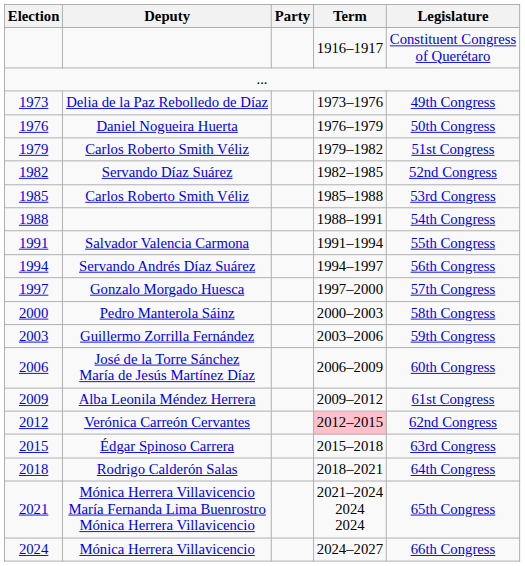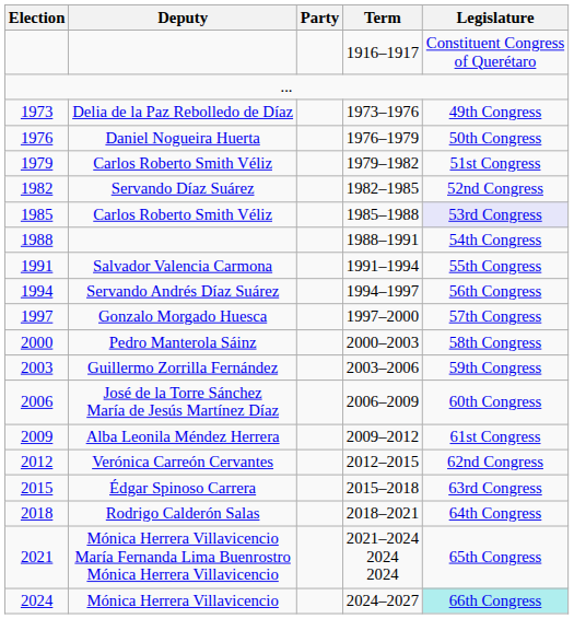 <table class="wikitable sortable" style="text-align: center">
 <tr>
 <th>Election</th>
 <th class="unsortable">Deputy</th>
 <th class="unsortable">Party</th>
 <th class="unsortable">Term</th>
 <th class="unsortable">Legislature</th>
 </tr>
 <tr>
 <td></td>
 <td></td>
 <td></td>
 <td>1916–1917</td>
 <td><a href='#'>Constituent Congress<br>of Querétaro</a></td>
 </tr>
 <tr>
 <td colspan=5> ...</td>
 </tr>
 <tr>
 <td><a href='#'>1973</a></td>
 <td><a href='#'>Delia de la Paz Rebolledo de Díaz</a></td>
 <td></td>
 <td>1973–1976</td>
 <td><a href='#'>49th Congress</a></td>
 </tr>
 <tr>
 <td><a href='#'>1976</a></td>
 <td><a href='#'>Daniel Nogueira Huerta</a></td>
 <td></td>
 <td>1976–1979</td>
 <td><a href='#'>50th Congress</a></td>
 </tr>
 <tr>
 <td><a href='#'>1979</a></td>
 <td><a href='#'>Carlos Roberto Smith Véliz</a></td>
 <td></td>
 <td>1979–1982</td>
 <td><a href='#'>51st Congress</a></td>
 </tr>
 <tr>
 <td><a href='#'>1982</a></td>
 <td><a href='#'>Servando Díaz Suárez</a></td>
 <td></td>
 <td>1982–1985</td>
 <td><a href='#'>52nd Congress</a></td>
 </tr>
 <tr>
 <td><a href='#'>1985</a></td>
 <td><a href='#'>Carlos Roberto Smith Véliz</a></td>
 <td></td>
 <td>1985–1988</td>
-<td><a href='#'>53rd Congress</a></td>
+<td style="background: lavender;"><a href='#'>53rd Congress</a></td>
 </tr>
 <tr>
 <td><a href='#'>1988</a></td>
 <td></td>
 <td></td>
 <td>1988–1991</td>
 <td><a href='#'>54th Congress</a></td>
 </tr>
 <tr>
 <td><a href='#'>1991</a></td>
 <td><a href='#'>Salvador Valencia Carmona</a></td>
 <td></td>
 <td>1991–1994</td>
 <td><a href='#'>55th Congress</a></td>
 </tr>
 <tr>
 <td><a href='#'>1994</a></td>
 <td><a href='#'>Servando Andrés Díaz Suárez</a></td>
 <td></td>
 <td>1994–1997</td>
 <td><a href='#'>56th Congress</a></td>
 </tr>
 <tr>
 <td><a href='#'>1997</a></td>
 <td><a href='#'>Gonzalo Morgado Huesca</a></td>
 <td></td>
 <td>1997–2000</td>
 <td><a href='#'>57th Congress</a></td>
 </tr>
 <tr>
 <td><a href='#'>2000</a></td>
 <td><a href='#'>Pedro Manterola Sáinz</a></td>
 <td></td>
 <td>2000–2003</td>
 <td><a href='#'>58th Congress</a></td>
 </tr>
 <tr>
 <td><a href='#'>2003</a></td>
 <td><a href='#'>Guillermo Zorrilla Fernández</a></td>
 <td></td>
 <td>2003–2006</td>
 <td><a href='#'>59th Congress</a></td>
 </tr>
 <tr>
 <td><a href='#'>2006</a></td>
 <td><a href='#'>José de la Torre Sánchez</a><br><a href='#'>María de Jesús Martínez Díaz</a></td>
 <td></td>
 <td>2006–2009</td>
 <td><a href='#'>60th Congress</a></td>
 </tr>
 <tr>
 <td><a href='#'>2009</a></td>
 <td><a href='#'>Alba Leonila Méndez Herrera</a></td>
 <td></td>
 <td>2009–2012</td>
 <td><a href='#'>61st Congress</a></td>
 </tr>
 <tr>
 <td><a href='#'>2012</a></td>
 <td><a href='#'>Verónica Carreón Cervantes</a></td>
 <td> </td>
-<td style="background: pink;">2012–2015</td>
+<td>2012–2015</td>
 <td><a href='#'>62nd Congress</a></td>
 </tr>
 <tr>
 <td><a href='#'>2015</a></td>
 <td><a href='#'>Édgar Spinoso Carrera</a></td>
 <td> </td>
 <td>2015–2018</td>
 <td><a href='#'>63rd Congress</a></td>
 </tr>
 <tr>
 <td><a href='#'>2018</a></td>
 <td><a href='#'>Rodrigo Calderón Salas</a></td>
 <td></td>
 <td>2018–2021</td>
 <td><a href='#'>64th Congress</a></td>
 </tr>
 <tr>
 <td><a href='#'>2021</a></td>
 <td><a href='#'>Mónica Herrera Villavicencio</a><br><a href='#'>María Fernanda Lima Buenrostro</a><br><a href='#'>Mónica Herrera Villavicencio</a></td>
 <td></td>
 <td>2021–2024<br>2024<br>2024</td>
 <td><a href='#'>65th Congress</a></td>
 </tr>
 <tr>
 <td><a href='#'>2024</a></td>
 <td><a href='#'>Mónica Herrera Villavicencio</a></td>
 <td></td>
 <td>2024–2027</td>
-<td><a href='#'>66th Congress</a></td>
+<td style="background: paleturquoise;"><a href='#'>66th Congress</a></td>
 </tr>
 </table>
